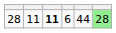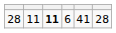 <table class="wikitable" style="text-align:center">
 <tr>
 <th></th>
 <th></th>
 <th></th>
 <th></th>
 <th></th>
 <th></th>
 </tr>
 <tr>
 <td>28</td>
 <td>11</td>
 <td><strong>11</strong></td>
 <td>6</td>
-<td>44</td>
-<td style="background: lightgreen;">28</td>
+<td>41</td>
+<td>28</td>
 </tr>
 </table>
